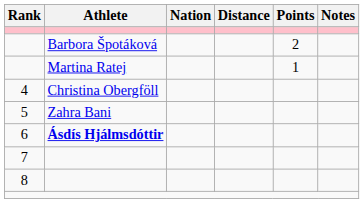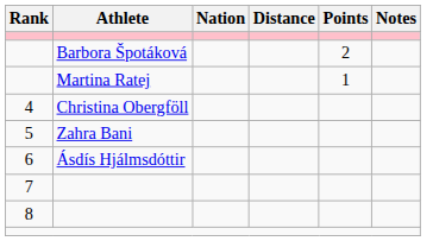 <table class="wikitable sortable" style="text-align:center;">
 <tr>
 <th scope="col" style="width: 10px;">Rank</th>
 <th scope="col">Athlete</th>
 <th scope="col">Nation</th>
 <th scope="col">Distance</th>
 <th scope="col">Points</th>
 <th scope="col">Notes</th>
 </tr>
 <tr bgcolor=pink>
 <td></td>
 <td align=left></td>
 <td align=left></td>
 <td></td>
 <td></td>
 <td></td>
 </tr>
 <tr>
 <td></td>
 <td align=left><a href='#'>Barbora Špotáková</a></td>
 <td align=left></td>
 <td></td>
 <td>2</td>
 <td></td>
 </tr>
 <tr>
 <td></td>
 <td align=left><a href='#'>Martina Ratej</a></td>
 <td align=left></td>
 <td></td>
 <td>1</td>
 <td><strong></strong></td>
 </tr>
 <tr>
 <td>4</td>
 <td align=left><a href='#'>Christina Obergföll</a></td>
 <td align=left></td>
 <td></td>
 <td></td>
 <td></td>
 </tr>
 <tr>
 <td>5</td>
 <td align=left><a href='#'>Zahra Bani</a></td>
 <td align=left></td>
 <td></td>
 <td></td>
 <td></td>
 </tr>
 <tr>
 <td>6</td>
-<td align=left><strong><a href='#'>Ásdís Hjálmsdóttir</a></strong></td>
+<td align=left><a href='#'>Ásdís Hjálmsdóttir</a></td>
 <td align=left></td>
 <td></td>
 <td></td>
 <td></td>
 </tr>
 <tr>
 <td>7</td>
 <td align=left></td>
 <td align=left></td>
 <td></td>
 <td></td>
 <td></td>
 </tr>
 <tr>
 <td>8</td>
 <td align=left></td>
 <td align=left></td>
 <td></td>
 <td></td>
 <td></td>
 </tr>
 <tr class="sortbottom">
 <td colspan=6></td>
 </tr>
 </table>
